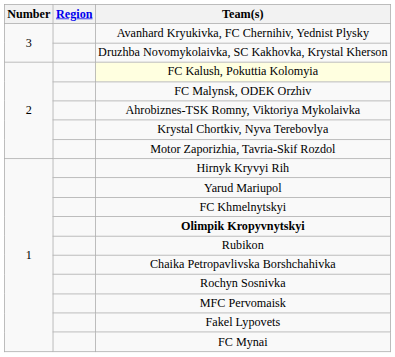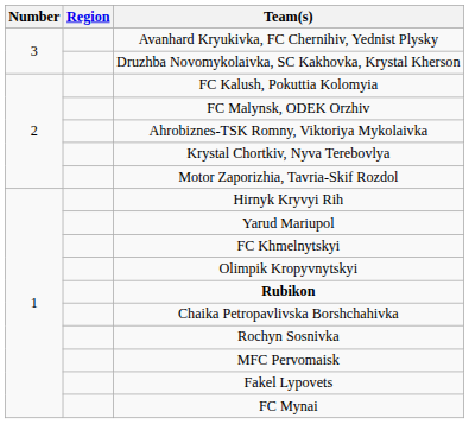 <table class="wikitable" style="text-align:center">
 <tr>
 <th>Number</th>
 <th><a href='#'>Region</a></th>
 <th>Team(s)</th>
 </tr>
 <tr>
 <td rowspan="2">3</td>
 <td align="left"></td>
 <td>Avanhard Kryukivka, FC Chernihiv, Yednist Plysky</td>
 </tr>
 <tr>
 <td align="left"></td>
 <td>Druzhba Novomykolaivka, SC Kakhovka, Krystal Kherson</td>
 </tr>
 <tr>
 <td rowspan="5">2</td>
 <td align="left"></td>
-<td style="background: lightyellow;">FC Kalush, Pokuttia Kolomyia</td>
+<td>FC Kalush, Pokuttia Kolomyia</td>
 </tr>
 <tr>
 <td align="left"></td>
 <td>FC Malynsk, ODEK Orzhiv</td>
 </tr>
 <tr>
 <td align="left"></td>
 <td>Ahrobiznes-TSK Romny, Viktoriya Mykolaivka</td>
 </tr>
 <tr>
 <td align="left"></td>
 <td>Krystal Chortkiv, Nyva Terebovlya</td>
 </tr>
 <tr>
 <td align="left"></td>
 <td>Motor Zaporizhia, Tavria-Skif Rozdol</td>
 </tr>
 <tr>
 <td rowspan="13">1</td>
 <td align="left"></td>
 <td>Hirnyk Kryvyi Rih</td>
 </tr>
 <tr>
 <td align="left"></td>
 <td>Yarud Mariupol</td>
 </tr>
 <tr>
 <td align="left"></td>
 <td>FC Khmelnytskyi</td>
 </tr>
 <tr>
 <td align="left"></td>
-<td><strong>Olimpik Kropyvnytskyi</strong></td>
+<td>Olimpik Kropyvnytskyi</td>
 </tr>
 <tr>
 <td align="left"></td>
-<td>Rubikon</td>
+<td><strong>Rubikon</strong></td>
 </tr>
 <tr>
 <td align="left"></td>
 <td>Chaika Petropavlivska Borshchahivka</td>
 </tr>
 <tr>
 <td align="left"></td>
 <td>Rochyn Sosnivka</td>
 </tr>
 <tr>
 <td align="left"></td>
 <td>MFC Pervomaisk</td>
 </tr>
 <tr>
 <td align="left"></td>
 <td>Fakel Lypovets</td>
 </tr>
 <tr>
 <td align="left"></td>
 <td>FC Mynai</td>
 </tr>
 </table>
